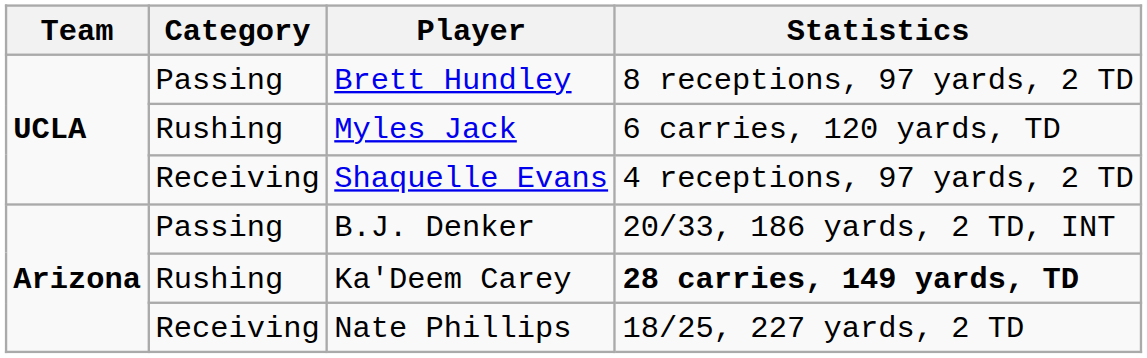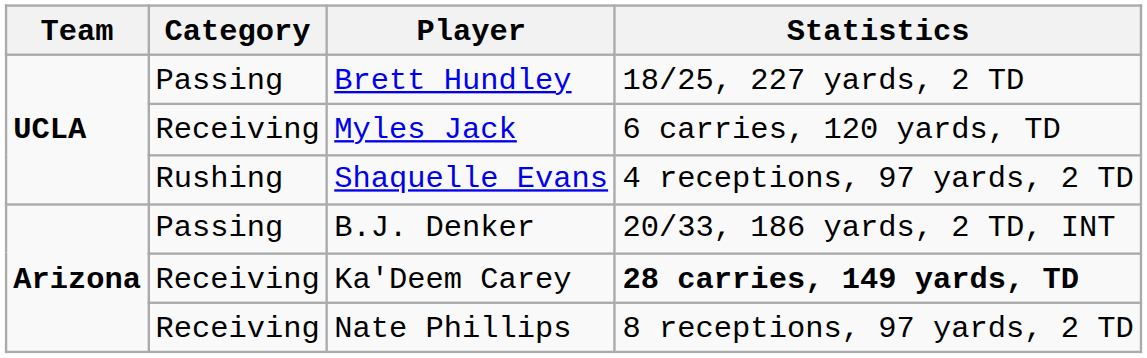 <table class="wikitable" style="float: right;">
 <tr>
 <th>Team</th>
 <th>Category</th>
 <th>Player</th>
 <th>Statistics</th>
 </tr>
 <tr>
 <td rowspan=3><strong>UCLA</strong></td>
 <td>Passing</td>
 <td><a href='#'>Brett Hundley</a></td>
-<td>8 receptions, 97 yards, 2 TD</td>
+<td>18/25, 227 yards, 2 TD</td>
 </tr>
 <tr>
-<td>Rushing</td>
+<td>Receiving</td>
 <td><a href='#'>Myles Jack</a></td>
 <td>6 carries, 120 yards, TD</td>
 </tr>
 <tr>
-<td>Receiving</td>
+<td>Rushing</td>
 <td><a href='#'>Shaquelle Evans</a></td>
 <td>4 receptions, 97 yards, 2 TD</td>
 </tr>
 <tr>
 <td rowspan=3><strong>Arizona</strong></td>
 <td>Passing</td>
 <td>B.J. Denker</td>
 <td>20/33, 186 yards, 2 TD, INT</td>
 </tr>
 <tr>
-<td>Rushing</td>
+<td>Receiving</td>
 <td>Ka'Deem Carey</td>
 <td><strong>28 carries, 149 yards, TD</strong></td>
 </tr>
 <tr>
 <td>Receiving</td>
 <td>Nate Phillips</td>
-<td>18/25, 227 yards, 2 TD</td>
+<td>8 receptions, 97 yards, 2 TD</td>
 </tr>
 </table>
